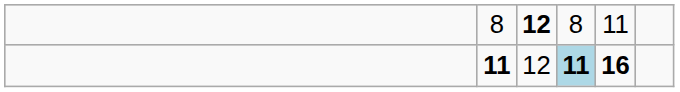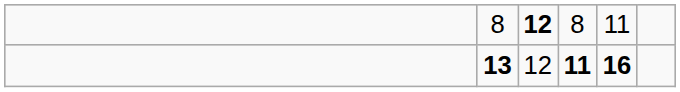 <table class="wikitable">
 <tr>
 <td style="width:18em"></td>
 <td align=center style="width:1em">8</td>
 <td align=center style="width:1em"><strong>12</strong></td>
 <td align=center style="width:1em">8</td>
 <td align=center style="width:1em">11</td>
 <td align=center style="width:1em"></td>
 </tr>
 <tr>
 <td style="width:18em"></td>
+<td align=center style="width:1em"><strong>13</strong></td>
+<td align=center style="width:1em">12</td>
 <td align=center style="width:1em"><strong>11</strong></td>
-<td align=center style="width:1em">12</td>
-<td align=center style="background: lightblue; width:1em"><strong>11</strong></td>
 <td align=center style="width:1em"><strong>16</strong></td>
 <td align=center style="width:1em"></td>
 </tr>
 </table>
